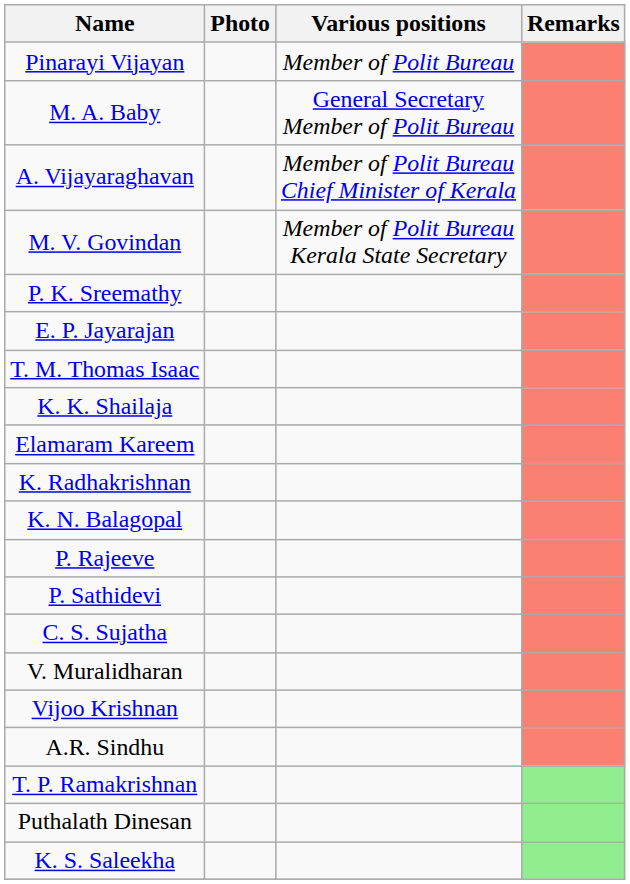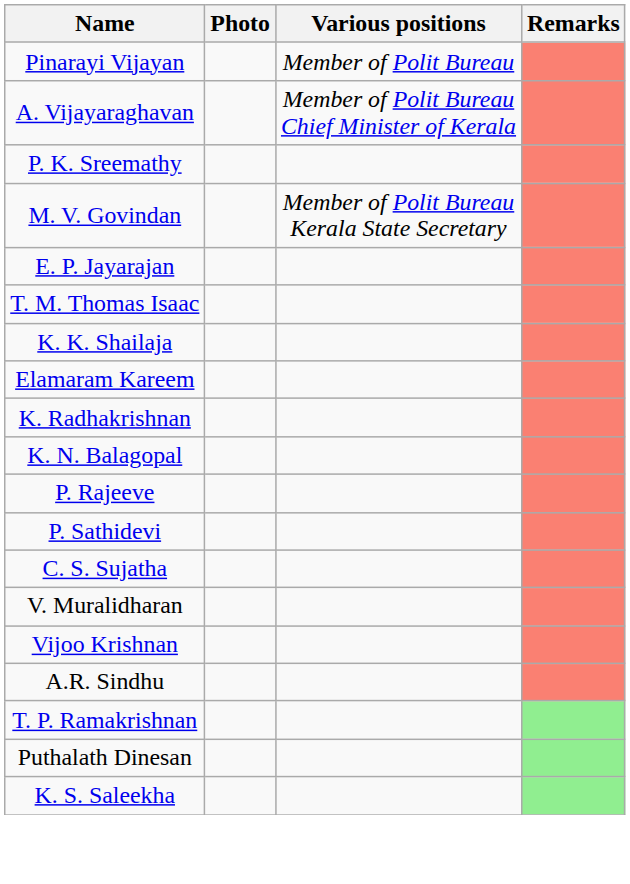 <table class="wikitable sortable" style="text-align:center">
 <tr>
 <th Style="background-color:">Name</th>
 <th Style="background-color:">Photo</th>
 <th Style="background-color:">Various positions</th>
 <th Style="background-color:">Remarks</th>
 </tr>
 <tr>
 <td><a href='#'>Pinarayi Vijayan</a></td>
 <td></td>
 <td><em>Member of <a href='#'>Polit Bureau</a></em></td>
 <td bgcolor = Salmon></td>
 </tr>
 <tr>
-<td><a href='#'>M. A. Baby</a></td>
-<td></td>
-<td><a href='#'>General Secretary</a><br><em>Member of <a href='#'>Polit Bureau</a></em></td>
-<td bgcolor = Salmon></td>
-</tr>
-<tr>
 <td><a href='#'>A. Vijayaraghavan</a></td>
 <td></td>
 <td><em>Member of <a href='#'>Polit Bureau</a></em><br><em><a href='#'>Chief Minister of Kerala</a></em></td>
 <td bgcolor = Salmon></td>
 </tr>
 <tr>
+<td><a href='#'>P. K. Sreemathy</a></td>
+<td></td>
+<td></td>
+<td bgcolor = Salmon></td>
+</tr>
+<tr>
 <td><a href='#'>M. V. Govindan</a></td>
 <td></td>
 <td><em>Member of <a href='#'>Polit Bureau</a></em> <br><em>Kerala State Secretary</em></td>
-<td bgcolor = Salmon></td>
-</tr>
-<tr>
-<td><a href='#'>P. K. Sreemathy</a></td>
-<td></td>
-<td></td>
 <td bgcolor = Salmon></td>
 </tr>
 <tr>
 <td><a href='#'>E. P. Jayarajan</a></td>
 <td></td>
 <td></td>
 <td bgcolor = Salmon></td>
 </tr>
 <tr>
 <td><a href='#'>T. M. Thomas Isaac</a></td>
 <td></td>
 <td></td>
 <td bgcolor = Salmon></td>
 </tr>
 <tr>
 <td><a href='#'>K. K. Shailaja</a></td>
 <td></td>
 <td></td>
 <td bgcolor = Salmon></td>
 </tr>
 <tr>
 <td><a href='#'>Elamaram Kareem</a></td>
 <td></td>
 <td></td>
 <td bgcolor = Salmon></td>
 </tr>
 <tr>
 <td><a href='#'>K. Radhakrishnan</a></td>
 <td></td>
 <td></td>
 <td bgcolor = Salmon></td>
 </tr>
 <tr>
 <td><a href='#'>K. N. Balagopal</a></td>
 <td></td>
 <td></td>
 <td bgcolor = Salmon></td>
 </tr>
 <tr>
 <td><a href='#'>P. Rajeeve</a></td>
 <td></td>
 <td></td>
 <td bgcolor = Salmon></td>
 </tr>
 <tr>
 <td><a href='#'>P. Sathidevi</a></td>
 <td></td>
 <td></td>
 <td bgcolor = Salmon></td>
 </tr>
 <tr>
 <td><a href='#'>C. S. Sujatha</a></td>
 <td></td>
 <td></td>
 <td bgcolor = Salmon></td>
 </tr>
 <tr>
 <td>V. Muralidharan</td>
 <td></td>
 <td></td>
 <td bgcolor = Salmon></td>
 </tr>
 <tr>
 <td><a href='#'>Vijoo Krishnan</a></td>
 <td></td>
 <td></td>
 <td bgcolor = Salmon></td>
 </tr>
 <tr>
 <td>A.R. Sindhu</td>
 <td></td>
 <td></td>
 <td bgcolor = Salmon></td>
 </tr>
 <tr>
 <td><a href='#'>T. P. Ramakrishnan</a></td>
 <td></td>
 <td></td>
 <td bgcolor = LightGreen></td>
 </tr>
 <tr>
 <td>Puthalath Dinesan</td>
 <td></td>
 <td></td>
 <td bgcolor = LightGreen></td>
 </tr>
 <tr>
 <td><a href='#'>K. S. Saleekha</a></td>
 <td></td>
 <td></td>
 <td bgcolor = LightGreen></td>
 </tr>
 <tr>
 </tr>
 </table>
